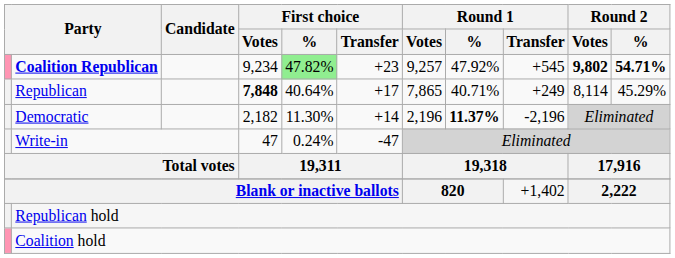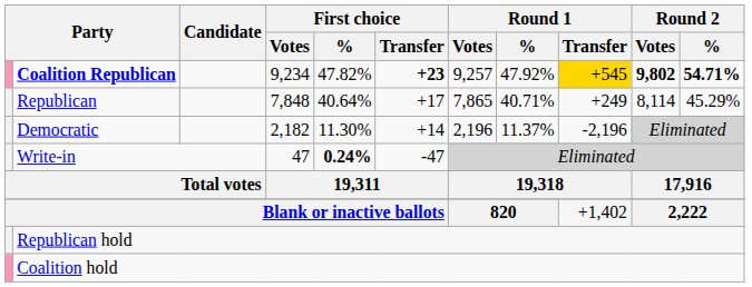 <table class="wikitable sortable" style="text-align:right">
 <tr>
 <th colspan=2 rowspan=2>Party</th>
 <th rowspan=2>Candidate</th>
 <th colspan=3>First choice</th>
 <th colspan=3>Round 1</th>
 <th colspan=3>Round 2</th>
 </tr>
 <tr>
 <th>Votes</th>
 <th>%</th>
 <th>Transfer</th>
 <th>Votes</th>
 <th>%</th>
 <th>Transfer</th>
 <th>Votes</th>
 <th>%</th>
 </tr>
 <tr>
 <th style="background-color:#ff95b3ff"></th>
 <td style="text-align:left"><strong><a href='#'>Coalition Republican</a></strong></td>
 <td style="text-align:left" scope="row"><strong></strong></td>
 <td>9,234</td>
-<td style="background: lightgreen;">47.82%</td>
-<td>+23</td>
+<td>47.82%</td>
+<td><strong>+23</strong></td>
 <td>9,257</td>
 <td>47.92%</td>
-<td>+545</td>
+<td style="background: gold;">+545</td>
 <td><strong>9,802 </strong></td>
 <td><strong>54.71%</strong></td>
 </tr>
 <tr>
 <th style="background-color:"></th>
 <td style="text-align:left"><a href='#'>Republican</a></td>
 <td style="text-align:left" scope="row"></td>
-<td><strong>7,848</strong></td>
+<td>7,848</td>
 <td>40.64%</td>
 <td>+17</td>
 <td>7,865</td>
 <td>40.71%</td>
 <td>+249</td>
 <td>8,114</td>
 <td>45.29%</td>
 </tr>
 <tr>
 <th style="background-color:"></th>
 <td style="text-align:left"><a href='#'>Democratic</a></td>
 <td style="text-align:left" scope="row"></td>
 <td>2,182</td>
 <td>11.30%</td>
 <td>+14</td>
 <td>2,196</td>
-<td><strong>11.37%</strong></td>
+<td>11.37%</td>
 <td>-2,196</td>
 <td colspan="2"  style="background:lightgrey; text-align:center;"><em>Eliminated</em></td>
 </tr>
 <tr>
 <th style="background-color:"></th>
 <td style="text-align:left" colspan=2><a href='#'>Write-in</a></td>
 <td>47</td>
-<td>0.24%</td>
+<td><strong>0.24%</strong></td>
 <td>-47</td>
 <td colspan="5"  style="background:lightgrey; text-align:center;"><em>Eliminated</em></td>
 </tr>
 <tr class="sortbottom" style="background-color:#F6F6F6">
 <th colspan=3 scope="row" style="text-align:right;"><strong>Total votes</strong></th>
 <th colspan=3><strong>19,311</strong></th>
 <th colspan=3><strong>19,318</strong></th>
 <th colspan=3><strong>17,916</strong></th>
 </tr>
 <tr class="sortbottom">
 </tr>
 <tr class="sortbottom" style="background-color:#F6F6F6">
 <th colspan=6 scope="row" style="text-align:right;"><a href='#'>Blank or inactive ballots</a></th>
 <th colspan=2>820</th>
 <td>+1,402</td>
 <th colspan=2>2,222</th>
 </tr>
 <tr class="sortbottom" style="background:#f6f6f6;">
 <th style="background-color:"></th>
 <td colspan="13" style="text-align:left"><a href='#'>Republican</a> hold</td>
 </tr>
 <tr>
 <th style="background-color:#ff95b3ff"></th>
 <td colspan="13" style="text-align:left"><a href='#'>Coalition</a> hold</td>
 </tr>
 </table>
